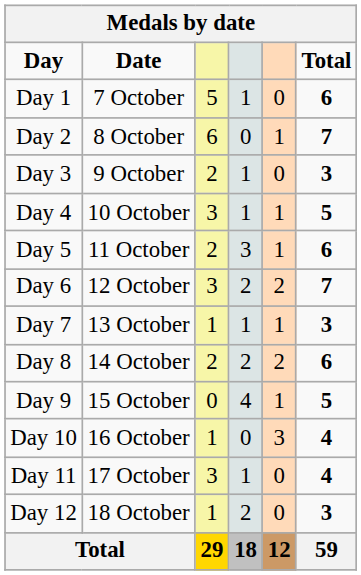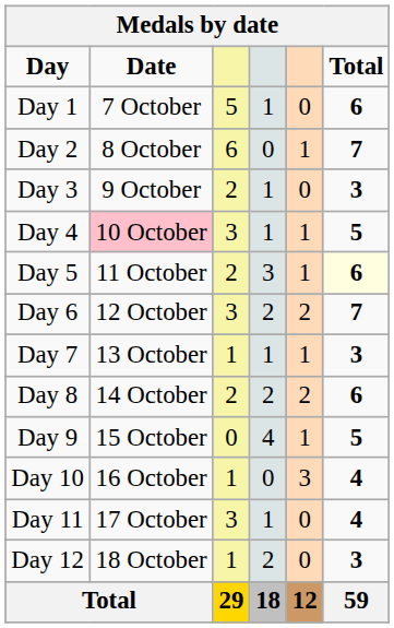 <table class=wikitable style="text-align:center;font-size:85%;float:right;clear:right;">
 <tr bgcolor=efefef>
 <th colspan=6><strong>Medals by date</strong></th>
 </tr>
 <tr>
 <td><strong>Day</strong></td>
 <td><strong>Date</strong></td>
 <td bgcolor=#f7f6a8></td>
 <td bgcolor=#dce5e5></td>
 <td bgcolor=#ffdab9></td>
 <td><strong>Total</strong></td>
 </tr>
 <tr>
 <td>Day 1</td>
 <td>7 October</td>
 <td bgcolor=F7F6A8>5</td>
 <td bgcolor=DCE5E5>1</td>
 <td bgcolor=FFDAB9>0</td>
 <td><strong>6</strong></td>
 </tr>
 <tr>
 <td>Day 2</td>
 <td>8 October</td>
 <td bgcolor=F7F6A8>6</td>
 <td bgcolor=DCE5E5>0</td>
 <td bgcolor=FFDAB9>1</td>
 <td><strong>7</strong></td>
 </tr>
 <tr>
 <td>Day 3</td>
 <td>9 October</td>
 <td bgcolor=F7F6A8>2</td>
 <td bgcolor=DCE5E5>1</td>
 <td bgcolor=FFDAB9>0</td>
 <td><strong>3</strong></td>
 </tr>
 <tr>
 <td>Day 4</td>
-<td>10 October</td>
+<td style="background: pink;">10 October</td>
 <td bgcolor=F7F6A8>3</td>
 <td bgcolor=DCE5E5>1</td>
 <td bgcolor=FFDAB9>1</td>
 <td><strong>5</strong></td>
 </tr>
 <tr>
 <td>Day 5</td>
 <td>11 October</td>
 <td bgcolor=F7F6A8>2</td>
 <td bgcolor=DCE5E5>3</td>
 <td bgcolor=FFDAB9>1</td>
-<td><strong>6</strong></td>
+<td style="background: lightyellow;"><strong>6</strong></td>
 </tr>
 <tr>
 <td>Day 6</td>
 <td>12 October</td>
 <td bgcolor=F7F6A8>3</td>
 <td bgcolor=DCE5E5>2</td>
 <td bgcolor=FFDAB9>2</td>
 <td><strong>7</strong></td>
 </tr>
 <tr>
 <td>Day 7</td>
 <td>13 October</td>
 <td bgcolor=F7F6A8>1</td>
 <td bgcolor=DCE5E5>1</td>
 <td bgcolor=FFDAB9>1</td>
 <td><strong>3</strong></td>
 </tr>
 <tr>
 <td>Day 8</td>
 <td>14 October</td>
 <td bgcolor=F7F6A8>2</td>
 <td bgcolor=DCE5E5>2</td>
 <td bgcolor=FFDAB9>2</td>
 <td><strong>6</strong></td>
 </tr>
 <tr>
 <td>Day 9</td>
 <td>15 October</td>
 <td bgcolor=F7F6A8>0</td>
 <td bgcolor=DCE5E5>4</td>
 <td bgcolor=FFDAB9>1</td>
 <td><strong>5</strong></td>
 </tr>
 <tr>
 <td>Day 10</td>
 <td>16 October</td>
 <td bgcolor=F7F6A8>1</td>
 <td bgcolor=DCE5E5>0</td>
 <td bgcolor=FFDAB9>3</td>
 <td><strong>4</strong></td>
 </tr>
 <tr>
 <td>Day 11</td>
 <td>17 October</td>
 <td bgcolor=F7F6A8>3</td>
 <td bgcolor=DCE5E5>1</td>
 <td bgcolor=FFDAB9>0</td>
 <td><strong>4</strong></td>
 </tr>
 <tr>
 <td>Day 12</td>
 <td>18 October</td>
 <td bgcolor=F7F6A8>1</td>
 <td bgcolor=DCE5E5>2</td>
 <td bgcolor=FFDAB9>0</td>
 <td><strong>3</strong></td>
 </tr>
 <tr>
 <th colspan=2><strong>Total</strong></th>
 <th style="background:gold"><strong>29</strong></th>
 <th style="background:silver"><strong>18</strong></th>
 <th style="background:#c96"><strong>12</strong></th>
 <th><strong>59</strong></th>
 </tr>
 </table>
